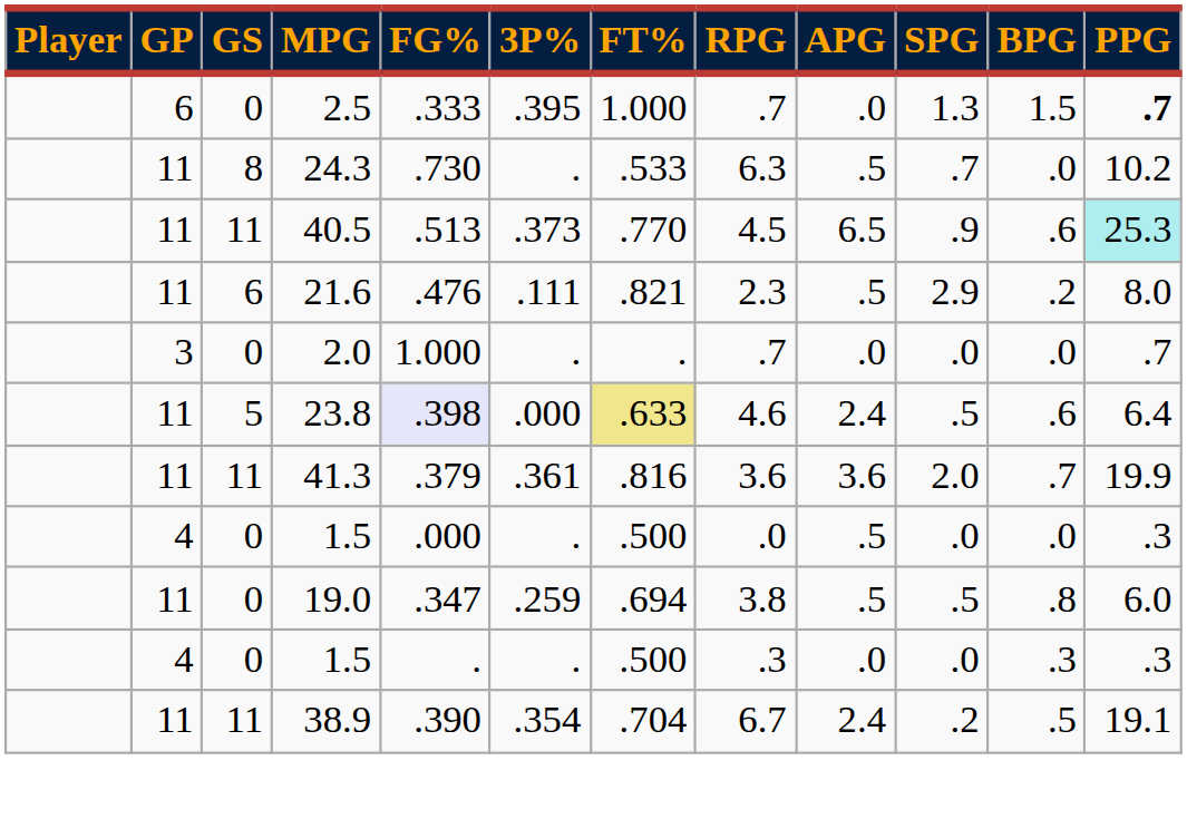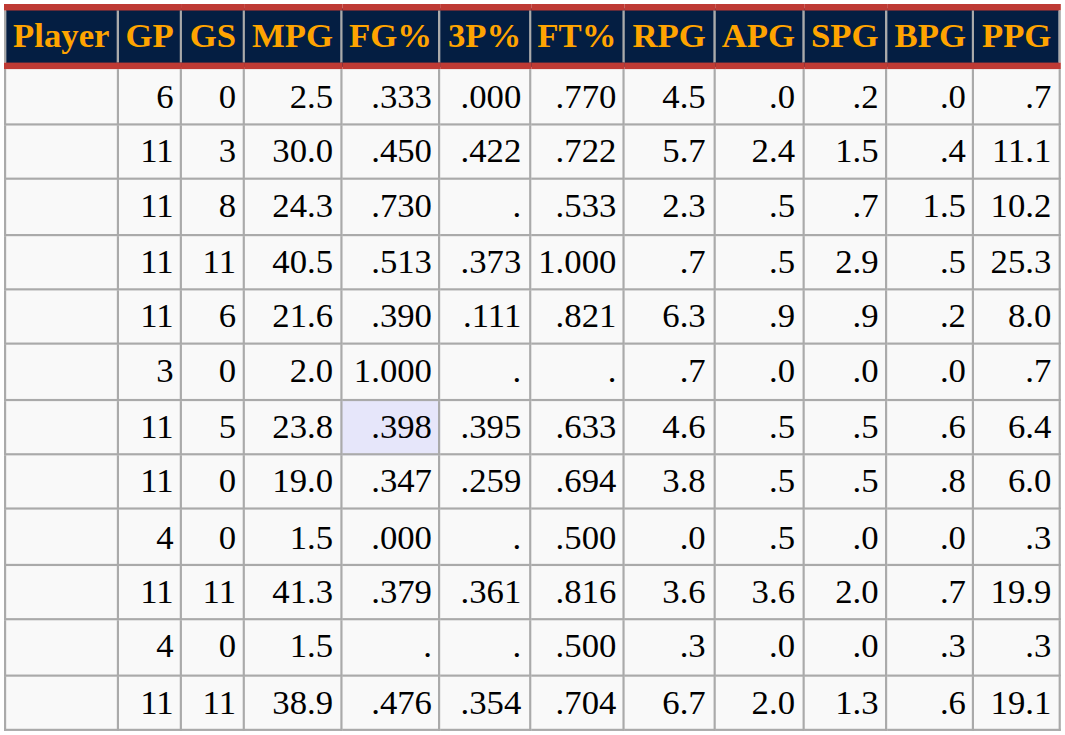 <table class="wikitable sortable" style="text-align:right;">
 <tr>
 <th style="background:#041E42; color:#FFA400; border-top:#BE3A34 3px solid; border-bottom:#BE3A34 3px solid;">Player</th>
 <th style="background:#041E42; color:#FFA400; border-top:#BE3A34 3px solid; border-bottom:#BE3A34 3px solid;">GP</th>
 <th style="background:#041E42; color:#FFA400; border-top:#BE3A34 3px solid; border-bottom:#BE3A34 3px solid;">GS</th>
 <th style="background:#041E42; color:#FFA400; border-top:#BE3A34 3px solid; border-bottom:#BE3A34 3px solid;">MPG</th>
 <th style="background:#041E42; color:#FFA400; border-top:#BE3A34 3px solid; border-bottom:#BE3A34 3px solid;">FG%</th>
 <th style="background:#041E42; color:#FFA400; border-top:#BE3A34 3px solid; border-bottom:#BE3A34 3px solid;">3P%</th>
 <th style="background:#041E42; color:#FFA400; border-top:#BE3A34 3px solid; border-bottom:#BE3A34 3px solid;">FT%</th>
 <th style="background:#041E42; color:#FFA400; border-top:#BE3A34 3px solid; border-bottom:#BE3A34 3px solid;">RPG</th>
 <th style="background:#041E42; color:#FFA400; border-top:#BE3A34 3px solid; border-bottom:#BE3A34 3px solid;">APG</th>
 <th style="background:#041E42; color:#FFA400; border-top:#BE3A34 3px solid; border-bottom:#BE3A34 3px solid;">SPG</th>
 <th style="background:#041E42; color:#FFA400; border-top:#BE3A34 3px solid; border-bottom:#BE3A34 3px solid;">BPG</th>
 <th style="background:#041E42; color:#FFA400; border-top:#BE3A34 3px solid; border-bottom:#BE3A34 3px solid;">PPG</th>
 </tr>
 <tr>
 <td></td>
 <td>6</td>
 <td>0</td>
 <td>2.5</td>
 <td>.333</td>
-<td>.395</td>
-<td>1.000</td>
+<td>.000</td>
+<td>.770</td>
+<td>4.5</td>
+<td>.0</td>
+<td>.2</td>
+<td>.0</td>
 <td>.7</td>
-<td>.0</td>
-<td>1.3</td>
+</tr>
+<tr>
+<td></td>
+<td>11</td>
+<td>3</td>
+<td>30.0</td>
+<td>.450</td>
+<td>.422</td>
+<td>.722</td>
+<td>5.7</td>
+<td>2.4</td>
 <td>1.5</td>
-<td><strong>.7</strong></td>
+<td>.4</td>
+<td>11.1</td>
 </tr>
 <tr>
 <td></td>
 <td>11</td>
 <td>8</td>
 <td>24.3</td>
 <td>.730</td>
 <td>.</td>
 <td>.533</td>
-<td>6.3</td>
+<td>2.3</td>
 <td>.5</td>
 <td>.7</td>
-<td>.0</td>
+<td>1.5</td>
 <td>10.2</td>
 </tr>
 <tr>
 <td></td>
 <td>11</td>
 <td>11</td>
 <td>40.5</td>
 <td>.513</td>
 <td>.373</td>
-<td>.770</td>
-<td>4.5</td>
-<td>6.5</td>
-<td>.9</td>
-<td>.6</td>
-<td style="background: paleturquoise;">25.3</td>
+<td>1.000</td>
+<td>.7</td>
+<td>.5</td>
+<td>2.9</td>
+<td>.5</td>
+<td>25.3</td>
 </tr>
 <tr>
 <td></td>
 <td>11</td>
 <td>6</td>
 <td>21.6</td>
-<td>.476</td>
+<td>.390</td>
 <td>.111</td>
 <td>.821</td>
-<td>2.3</td>
-<td>.5</td>
-<td>2.9</td>
+<td>6.3</td>
+<td>.9</td>
+<td>.9</td>
 <td>.2</td>
 <td>8.0</td>
 </tr>
 <tr>
 <td></td>
 <td>3</td>
 <td>0</td>
 <td>2.0</td>
 <td>1.000</td>
 <td>.</td>
 <td>.</td>
 <td>.7</td>
 <td>.0</td>
 <td>.0</td>
 <td>.0</td>
 <td>.7</td>
 </tr>
 <tr>
 <td></td>
 <td>11</td>
 <td>5</td>
 <td>23.8</td>
 <td style="background: lavender;">.398</td>
-<td>.000</td>
-<td style="background: khaki;">.633</td>
+<td>.395</td>
+<td>.633</td>
 <td>4.6</td>
-<td>2.4</td>
+<td>.5</td>
 <td>.5</td>
 <td>.6</td>
 <td>6.4</td>
+</tr>
+<tr>
+<td></td>
+<td>11</td>
+<td>0</td>
+<td>19.0</td>
+<td>.347</td>
+<td>.259</td>
+<td>.694</td>
+<td>3.8</td>
+<td>.5</td>
+<td>.5</td>
+<td>.8</td>
+<td>6.0</td>
+</tr>
+<tr>
+<td></td>
+<td>4</td>
+<td>0</td>
+<td>1.5</td>
+<td>.000</td>
+<td>.</td>
+<td>.500</td>
+<td>.0</td>
+<td>.5</td>
+<td>.0</td>
+<td>.0</td>
+<td>.3</td>
 </tr>
 <tr>
 <td></td>
 <td>11</td>
 <td>11</td>
 <td>41.3</td>
 <td>.379</td>
 <td>.361</td>
 <td>.816</td>
 <td>3.6</td>
 <td>3.6</td>
 <td>2.0</td>
 <td>.7</td>
 <td>19.9</td>
 </tr>
 <tr>
 <td></td>
 <td>4</td>
 <td>0</td>
 <td>1.5</td>
-<td>.000</td>
-<td>.</td>
-<td>.500</td>
-<td>.0</td>
-<td>.5</td>
-<td>.0</td>
-<td>.0</td>
-<td>.3</td>
-</tr>
-<tr>
-<td></td>
-<td>11</td>
-<td>0</td>
-<td>19.0</td>
-<td>.347</td>
-<td>.259</td>
-<td>.694</td>
-<td>3.8</td>
-<td>.5</td>
-<td>.5</td>
-<td>.8</td>
-<td>6.0</td>
-</tr>
-<tr>
-<td></td>
-<td>4</td>
-<td>0</td>
-<td>1.5</td>
 <td>.</td>
 <td>.</td>
 <td>.500</td>
 <td>.3</td>
 <td>.0</td>
 <td>.0</td>
 <td>.3</td>
 <td>.3</td>
 </tr>
 <tr>
 <td></td>
 <td>11</td>
 <td>11</td>
 <td>38.9</td>
-<td>.390</td>
+<td>.476</td>
 <td>.354</td>
 <td>.704</td>
 <td>6.7</td>
-<td>2.4</td>
-<td>.2</td>
-<td>.5</td>
+<td>2.0</td>
+<td>1.3</td>
+<td>.6</td>
 <td>19.1</td>
 </tr>
 </table>
